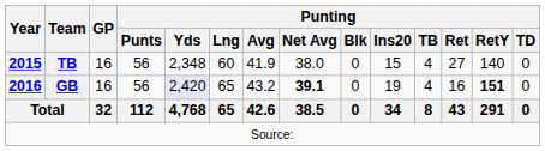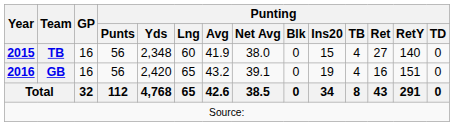 <table class="wikitable" style="text-align: center;">
 <tr>
 <th rowspan="2">Year</th>
 <th rowspan="2">Team</th>
 <th rowspan="2">GP</th>
 <th colspan="14">Punting</th>
 </tr>
 <tr>
 <th>Punts</th>
 <th>Yds</th>
 <th>Lng</th>
 <th>Avg</th>
 <th>Net Avg</th>
 <th>Blk</th>
 <th>Ins20</th>
 <th>TB</th>
 <th>Ret</th>
 <th>RetY</th>
 <th>TD</th>
 </tr>
 <tr>
 <th><a href='#'>2015</a></th>
 <th><a href='#'>TB</a></th>
 <td>16</td>
 <td>56</td>
 <td>2,348</td>
 <td>60</td>
 <td>41.9</td>
 <td>38.0</td>
 <td>0</td>
 <td>15</td>
 <td>4</td>
 <td>27</td>
 <td>140</td>
 <td>0</td>
 </tr>
 <tr>
 <th><a href='#'>2016</a></th>
 <th><a href='#'>GB</a></th>
 <td>16</td>
 <td>56</td>
-<td style="background: lavender;">2,420</td>
+<td>2,420</td>
 <td>65</td>
 <td>43.2</td>
-<td><strong>39.1</strong></td>
+<td>39.1</td>
 <td>0</td>
 <td>19</td>
 <td>4</td>
 <td>16</td>
-<td><strong>151</strong></td>
+<td>151</td>
 <td>0</td>
 </tr>
 <tr>
 <th colspan="2">Total</th>
 <th>32</th>
 <th>112</th>
 <th>4,768</th>
 <th>65</th>
 <th>42.6</th>
 <th>38.5</th>
 <th>0</th>
 <th>34</th>
 <th>8</th>
 <th>43</th>
 <th>291</th>
 <th>0</th>
 </tr>
 <tr>
 <td colspan="14"><small>Source: </small></td>
 </tr>
 </table>
